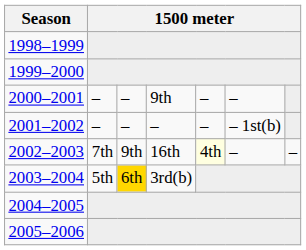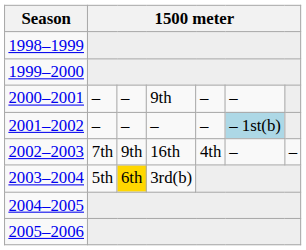 <table class="wikitable" style="display: inline-table;">
 <tr>
 <th>Season</th>
 <th colspan="6">1500 meter</th>
 </tr>
 <tr>
 <td><a href='#'>1998–1999</a></td>
 <td colspan="7" bgcolor=#EEEEEE></td>
 </tr>
 <tr>
 <td><a href='#'>1999–2000</a></td>
 <td colspan="7" bgcolor=#EEEEEE></td>
 </tr>
 <tr>
 <td><a href='#'>2000–2001</a></td>
 <td>–</td>
 <td>–</td>
 <td>9th</td>
 <td>–</td>
 <td>–</td>
 <td colspan="2" bgcolor=#EEEEEE></td>
 </tr>
 <tr>
 <td><a href='#'>2001–2002</a></td>
 <td>–</td>
 <td>–</td>
 <td>–</td>
 <td>–</td>
-<td>– 1st(b)</td>
+<td style="background: lightblue;">– 1st(b)</td>
 <td colspan="2" bgcolor=#EEEEEE></td>
 </tr>
 <tr>
 <td><a href='#'>2002–2003</a></td>
 <td>7th</td>
 <td>9th</td>
 <td>16th</td>
-<td style="background: lightyellow;">4th</td>
+<td>4th</td>
 <td>–</td>
 <td>–</td>
 </tr>
 <tr>
 <td><a href='#'>2003–2004</a></td>
 <td>5th</td>
 <td style="background: gold;">6th</td>
 <td>3rd(b)</td>
 <td colspan="3" bgcolor=#EEEEEE></td>
 </tr>
 <tr>
 <td><a href='#'>2004–2005</a></td>
 <td colspan="6" bgcolor=#EEEEEE></td>
 </tr>
 <tr>
 <td><a href='#'>2005–2006</a></td>
 <td colspan="6" bgcolor=#EEEEEE></td>
 </tr>
 </table>
